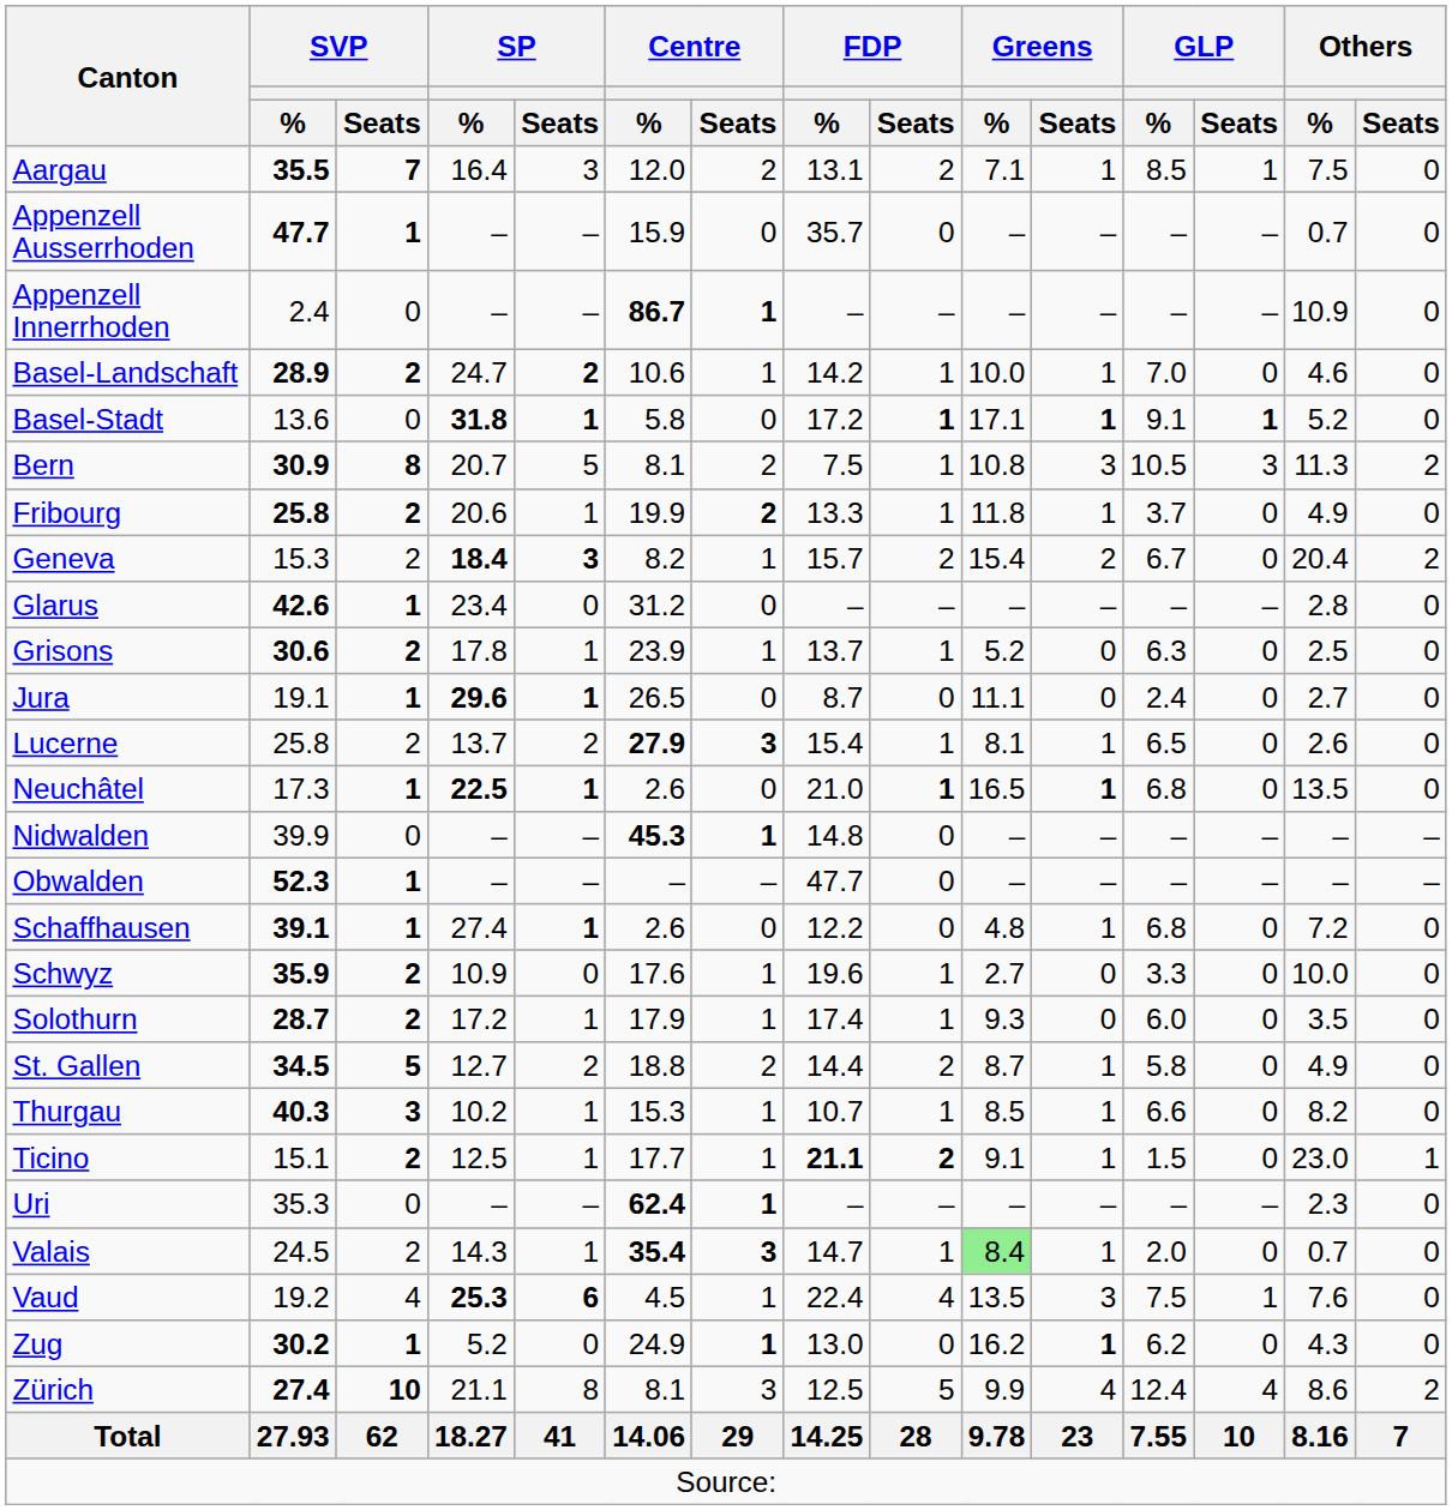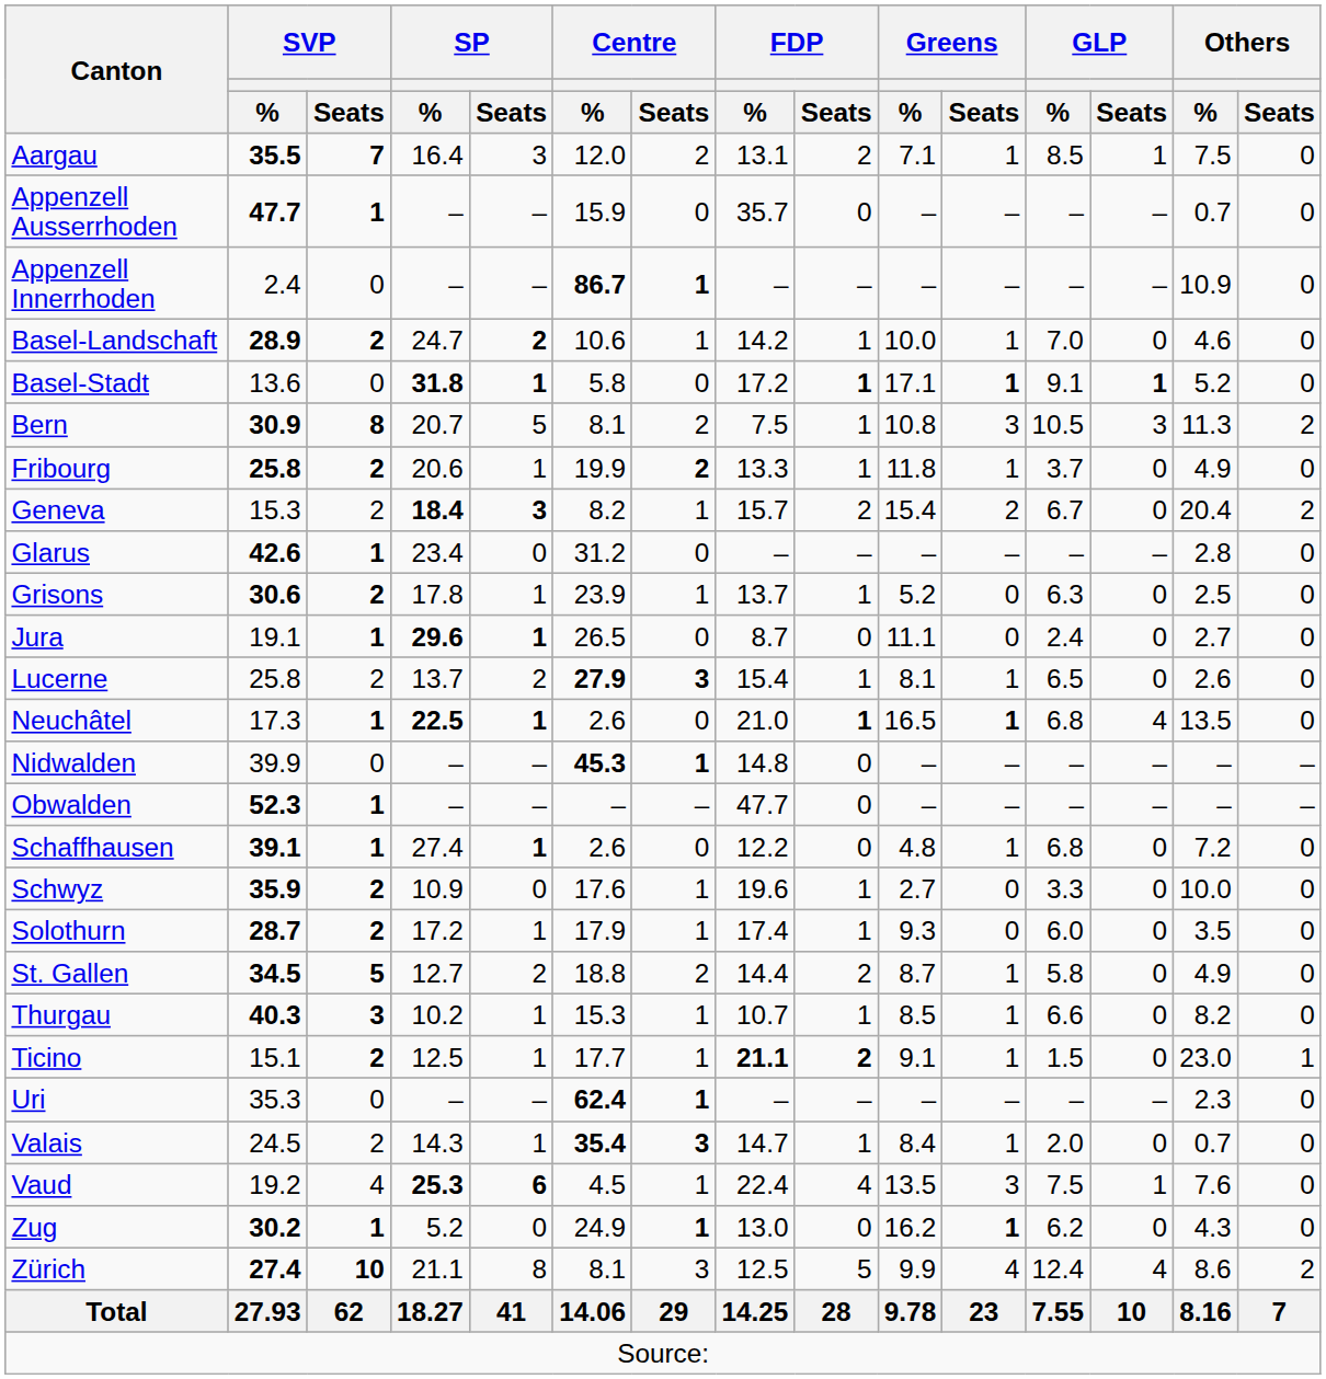 <table class="wikitable sortable" style="text-align:right; font-size:95%">
 <tr style="height:42px; text-align:center; background-color:#E9E9E9;">
 <th rowspan="3" style="width:120px;">Canton</th>
 <th colspan="2"><a href='#'>SVP</a></th>
 <th colspan="2"><a href='#'>SP</a></th>
 <th colspan="2" data-sort-type="number" style="width:40px;"><a href='#'>Centre</a></th>
 <th colspan="2" data-sort-type="number" style="width:40px;"><a href='#'>FDP</a></th>
 <th colspan="2" data-sort-type="number" style="width:40px;"><a href='#'>Greens</a></th>
 <th colspan="2" data-sort-type="number" style="width:40px;"><a href='#'>GLP</a></th>
 <th colspan="2" data-sort-type="number" style="width:40px;">Others</th>
 </tr>
 <tr>
 <th colspan="2" style="background:"></th>
 <th colspan="2" style="background:"></th>
 <th colspan="2" style="background:"></th>
 <th colspan="2" style="background:"></th>
 <th colspan="2" style="background:"></th>
 <th colspan="2" style="background:"></th>
 <th colspan="2" style="background:"></th>
 </tr>
 <tr>
 <th>%</th>
 <th>Seats</th>
 <th>%</th>
 <th>Seats</th>
 <th>%</th>
 <th>Seats</th>
 <th>%</th>
 <th>Seats</th>
 <th>%</th>
 <th>Seats</th>
 <th>%</th>
 <th>Seats</th>
 <th>%</th>
 <th>Seats</th>
 </tr>
 <tr>
 <td align="left"><a href='#'>Aargau</a></td>
 <td><strong>35.5</strong></td>
 <td><strong>7</strong></td>
 <td>16.4</td>
 <td>3</td>
 <td>12.0</td>
 <td>2</td>
 <td>13.1</td>
 <td>2</td>
 <td>7.1</td>
 <td>1</td>
 <td>8.5</td>
 <td>1</td>
 <td>7.5</td>
 <td>0</td>
 </tr>
 <tr>
 <td align="left"><a href='#'>Appenzell Ausserrhoden</a></td>
 <td><strong>47.7</strong></td>
 <td><strong>1</strong></td>
 <td>–</td>
 <td>–</td>
 <td>15.9</td>
 <td>0</td>
 <td>35.7</td>
 <td>0</td>
 <td>–</td>
 <td>–</td>
 <td>–</td>
 <td>–</td>
 <td>0.7</td>
 <td>0</td>
 </tr>
 <tr>
 <td align="left"><a href='#'>Appenzell Innerrhoden</a></td>
 <td>2.4</td>
 <td>0</td>
 <td>–</td>
 <td>–</td>
 <td><strong>86.7</strong></td>
 <td><strong>1</strong></td>
 <td>–</td>
 <td>–</td>
 <td>–</td>
 <td>–</td>
 <td>–</td>
 <td>–</td>
 <td>10.9</td>
 <td>0</td>
 </tr>
 <tr>
 <td align="left"><a href='#'>Basel-Landschaft</a></td>
 <td><strong>28.9</strong></td>
 <td><strong>2</strong></td>
 <td>24.7</td>
 <td><strong>2</strong></td>
 <td>10.6</td>
 <td>1</td>
 <td>14.2</td>
 <td>1</td>
 <td>10.0</td>
 <td>1</td>
 <td>7.0</td>
 <td>0</td>
 <td>4.6</td>
 <td>0</td>
 </tr>
 <tr>
 <td align="left"><a href='#'>Basel-Stadt</a></td>
 <td>13.6</td>
 <td>0</td>
 <td><strong>31.8</strong></td>
 <td><strong>1</strong></td>
 <td>5.8</td>
 <td>0</td>
 <td>17.2</td>
 <td><strong>1</strong></td>
 <td>17.1</td>
 <td><strong>1</strong></td>
 <td>9.1</td>
 <td><strong>1</strong></td>
 <td>5.2</td>
 <td>0</td>
 </tr>
 <tr>
 <td align="left"><a href='#'>Bern</a></td>
 <td><strong>30.9</strong></td>
 <td><strong>8</strong></td>
 <td>20.7</td>
 <td>5</td>
 <td>8.1</td>
 <td>2</td>
 <td>7.5</td>
 <td>1</td>
 <td>10.8</td>
 <td>3</td>
 <td>10.5</td>
 <td>3</td>
 <td>11.3</td>
 <td>2</td>
 </tr>
 <tr>
 <td align="left"><a href='#'>Fribourg</a></td>
 <td><strong>25.8</strong></td>
 <td><strong>2</strong></td>
 <td>20.6</td>
 <td>1</td>
 <td>19.9</td>
 <td><strong>2</strong></td>
 <td>13.3</td>
 <td>1</td>
 <td>11.8</td>
 <td>1</td>
 <td>3.7</td>
 <td>0</td>
 <td>4.9</td>
 <td>0</td>
 </tr>
 <tr>
 <td align="left"><a href='#'>Geneva</a></td>
 <td>15.3</td>
 <td>2</td>
 <td><strong>18.4</strong></td>
 <td><strong>3</strong></td>
 <td>8.2</td>
 <td>1</td>
 <td>15.7</td>
 <td>2</td>
 <td>15.4</td>
 <td>2</td>
 <td>6.7</td>
 <td>0</td>
 <td>20.4</td>
 <td>2</td>
 </tr>
 <tr>
 <td align="left"><a href='#'>Glarus</a></td>
 <td><strong>42.6</strong></td>
 <td><strong>1</strong></td>
 <td>23.4</td>
 <td>0</td>
 <td>31.2</td>
 <td>0</td>
 <td>–</td>
 <td>–</td>
 <td>–</td>
 <td>–</td>
 <td>–</td>
 <td>–</td>
 <td>2.8</td>
 <td>0</td>
 </tr>
 <tr>
 <td align="left"><a href='#'>Grisons</a></td>
 <td><strong>30.6</strong></td>
 <td><strong>2</strong></td>
 <td>17.8</td>
 <td>1</td>
 <td>23.9</td>
 <td>1</td>
 <td>13.7</td>
 <td>1</td>
 <td>5.2</td>
 <td>0</td>
 <td>6.3</td>
 <td>0</td>
 <td>2.5</td>
 <td>0</td>
 </tr>
 <tr>
 <td align="left"><a href='#'>Jura</a></td>
 <td>19.1</td>
 <td><strong>1</strong></td>
 <td><strong>29.6</strong></td>
 <td><strong>1</strong></td>
 <td>26.5</td>
 <td>0</td>
 <td>8.7</td>
 <td>0</td>
 <td>11.1</td>
 <td>0</td>
 <td>2.4</td>
 <td>0</td>
 <td>2.7</td>
 <td>0</td>
 </tr>
 <tr>
 <td align="left"><a href='#'>Lucerne</a></td>
 <td>25.8</td>
 <td>2</td>
 <td>13.7</td>
 <td>2</td>
 <td><strong>27.9</strong></td>
 <td><strong>3</strong></td>
 <td>15.4</td>
 <td>1</td>
 <td>8.1</td>
 <td>1</td>
 <td>6.5</td>
 <td>0</td>
 <td>2.6</td>
 <td>0</td>
 </tr>
 <tr>
 <td align="left"><a href='#'>Neuchâtel</a></td>
 <td>17.3</td>
 <td><strong>1</strong></td>
 <td><strong>22.5</strong></td>
 <td><strong>1</strong></td>
 <td>2.6</td>
 <td>0</td>
 <td>21.0</td>
 <td><strong>1</strong></td>
 <td>16.5</td>
 <td><strong>1</strong></td>
 <td>6.8</td>
-<td>0</td>
+<td>4</td>
 <td>13.5</td>
 <td>0</td>
 </tr>
 <tr>
 <td align="left"><a href='#'>Nidwalden</a></td>
 <td>39.9</td>
 <td>0</td>
 <td>–</td>
 <td>–</td>
 <td><strong>45.3</strong></td>
 <td><strong>1</strong></td>
 <td>14.8</td>
 <td>0</td>
 <td>–</td>
 <td>–</td>
 <td>–</td>
 <td>–</td>
 <td>–</td>
 <td>–</td>
 </tr>
 <tr>
 <td align="left"><a href='#'>Obwalden</a></td>
 <td><strong>52.3</strong></td>
 <td><strong>1</strong></td>
 <td>–</td>
 <td>–</td>
 <td>–</td>
 <td>–</td>
 <td>47.7</td>
 <td>0</td>
 <td>–</td>
 <td>–</td>
 <td>–</td>
 <td>–</td>
 <td>–</td>
 <td>–</td>
 </tr>
 <tr>
 <td align="left"><a href='#'>Schaffhausen</a></td>
 <td><strong>39.1</strong></td>
 <td><strong>1</strong></td>
 <td>27.4</td>
 <td><strong>1</strong></td>
 <td>2.6</td>
 <td>0</td>
 <td>12.2</td>
 <td>0</td>
 <td>4.8</td>
 <td>1</td>
 <td>6.8</td>
 <td>0</td>
 <td>7.2</td>
 <td>0</td>
 </tr>
 <tr>
 <td align="left"><a href='#'>Schwyz</a></td>
 <td><strong>35.9</strong></td>
 <td><strong>2</strong></td>
 <td>10.9</td>
 <td>0</td>
 <td>17.6</td>
 <td>1</td>
 <td>19.6</td>
 <td>1</td>
 <td>2.7</td>
 <td>0</td>
 <td>3.3</td>
 <td>0</td>
 <td>10.0</td>
 <td>0</td>
 </tr>
 <tr>
 <td align="left"><a href='#'>Solothurn</a></td>
 <td><strong>28.7</strong></td>
 <td><strong>2</strong></td>
 <td>17.2</td>
 <td>1</td>
 <td>17.9</td>
 <td>1</td>
 <td>17.4</td>
 <td>1</td>
 <td>9.3</td>
 <td>0</td>
 <td>6.0</td>
 <td>0</td>
 <td>3.5</td>
 <td>0</td>
 </tr>
 <tr>
 <td align="left"><a href='#'>St. Gallen</a></td>
 <td><strong>34.5</strong></td>
 <td><strong>5</strong></td>
 <td>12.7</td>
 <td>2</td>
 <td>18.8</td>
 <td>2</td>
 <td>14.4</td>
 <td>2</td>
 <td>8.7</td>
 <td>1</td>
 <td>5.8</td>
 <td>0</td>
 <td>4.9</td>
 <td>0</td>
 </tr>
 <tr>
 <td align="left"><a href='#'>Thurgau</a></td>
 <td><strong>40.3</strong></td>
 <td><strong>3</strong></td>
 <td>10.2</td>
 <td>1</td>
 <td>15.3</td>
 <td>1</td>
 <td>10.7</td>
 <td>1</td>
 <td>8.5</td>
 <td>1</td>
 <td>6.6</td>
 <td>0</td>
 <td>8.2</td>
 <td>0</td>
 </tr>
 <tr>
 <td align="left"><a href='#'>Ticino</a></td>
 <td>15.1</td>
 <td><strong>2</strong></td>
 <td>12.5</td>
 <td>1</td>
 <td>17.7</td>
 <td>1</td>
 <td><strong>21.1</strong></td>
 <td><strong>2</strong></td>
 <td>9.1</td>
 <td>1</td>
 <td>1.5</td>
 <td>0</td>
 <td>23.0</td>
 <td>1</td>
 </tr>
 <tr>
 <td align="left"><a href='#'>Uri</a></td>
 <td>35.3</td>
 <td>0</td>
 <td>–</td>
 <td>–</td>
 <td><strong>62.4</strong></td>
 <td><strong>1</strong></td>
 <td>–</td>
 <td>–</td>
 <td>–</td>
 <td>–</td>
 <td>–</td>
 <td>–</td>
 <td>2.3</td>
 <td>0</td>
 </tr>
 <tr>
 <td align="left"><a href='#'>Valais</a></td>
 <td>24.5</td>
 <td>2</td>
 <td>14.3</td>
 <td>1</td>
 <td><strong>35.4</strong></td>
 <td><strong>3</strong></td>
 <td>14.7</td>
 <td>1</td>
-<td style="background: lightgreen;">8.4</td>
+<td>8.4</td>
 <td>1</td>
 <td>2.0</td>
 <td>0</td>
 <td>0.7</td>
 <td>0</td>
 </tr>
 <tr>
 <td align="left"><a href='#'>Vaud</a></td>
 <td>19.2</td>
 <td>4</td>
 <td><strong>25.3</strong></td>
 <td><strong>6</strong></td>
 <td>4.5</td>
 <td>1</td>
 <td>22.4</td>
 <td>4</td>
 <td>13.5</td>
 <td>3</td>
 <td>7.5</td>
 <td>1</td>
 <td>7.6</td>
 <td>0</td>
 </tr>
 <tr>
 <td align="left"><a href='#'>Zug</a></td>
 <td><strong>30.2</strong></td>
 <td><strong>1</strong></td>
 <td>5.2</td>
 <td>0</td>
 <td>24.9</td>
 <td><strong>1</strong></td>
 <td>13.0</td>
 <td>0</td>
 <td>16.2</td>
 <td><strong>1</strong></td>
 <td>6.2</td>
 <td>0</td>
 <td>4.3</td>
 <td>0</td>
 </tr>
 <tr>
 <td align="left"><a href='#'>Zürich</a></td>
 <td><strong>27.4</strong></td>
 <td><strong>10</strong></td>
 <td>21.1</td>
 <td>8</td>
 <td>8.1</td>
 <td>3</td>
 <td>12.5</td>
 <td>5</td>
 <td>9.9</td>
 <td>4</td>
 <td>12.4</td>
 <td>4</td>
 <td>8.6</td>
 <td>2</td>
 </tr>
 <tr class="sortbottom">
 <th>Total</th>
 <th>27.93</th>
 <th>62</th>
 <th>18.27</th>
 <th>41</th>
 <th>14.06</th>
 <th>29</th>
 <th>14.25</th>
 <th>28</th>
 <th>9.78</th>
 <th>23</th>
 <th>7.55</th>
 <th>10</th>
 <th>8.16</th>
 <th>7</th>
 </tr>
 <tr class="sortbottom">
 <td colspan="15" align="center">Source: </td>
 </tr>
 </table>
